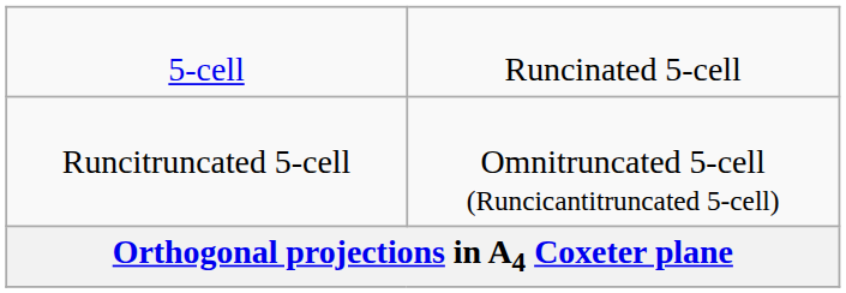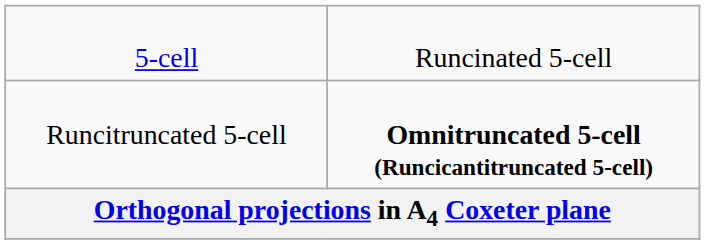 <table class=wikitable style="float:right; margin-left:8px; width:400px">
 <tr align=center valign=top>
 <td><br><a href='#'>5-cell</a><br></td>
 <td><br>Runcinated 5-cell<br></td>
 </tr>
 <tr align=center valign=top>
 <td><br>Runcitruncated 5-cell<br></td>
-<td><br>Omnitruncated 5-cell<br><small>(Runcicantitruncated 5-cell)</small><br></td>
+<td><strong><br>Omnitruncated 5-cell<br><small>(Runcicantitruncated 5-cell)</small><br></strong></td>
 </tr>
 <tr>
 <th colspan=2><a href='#'>Orthogonal projections</a> in A<sub>4</sub> <a href='#'>Coxeter plane</a></th>
 </tr>
 </table>
